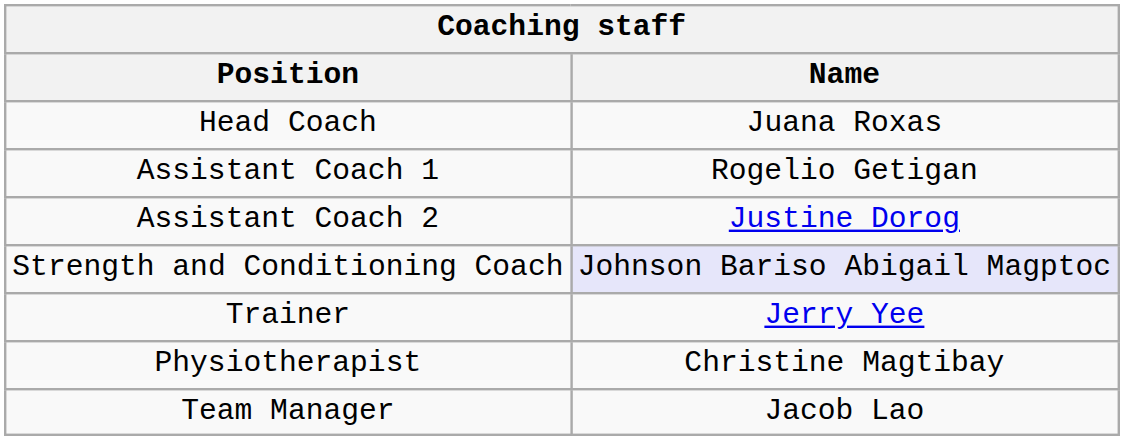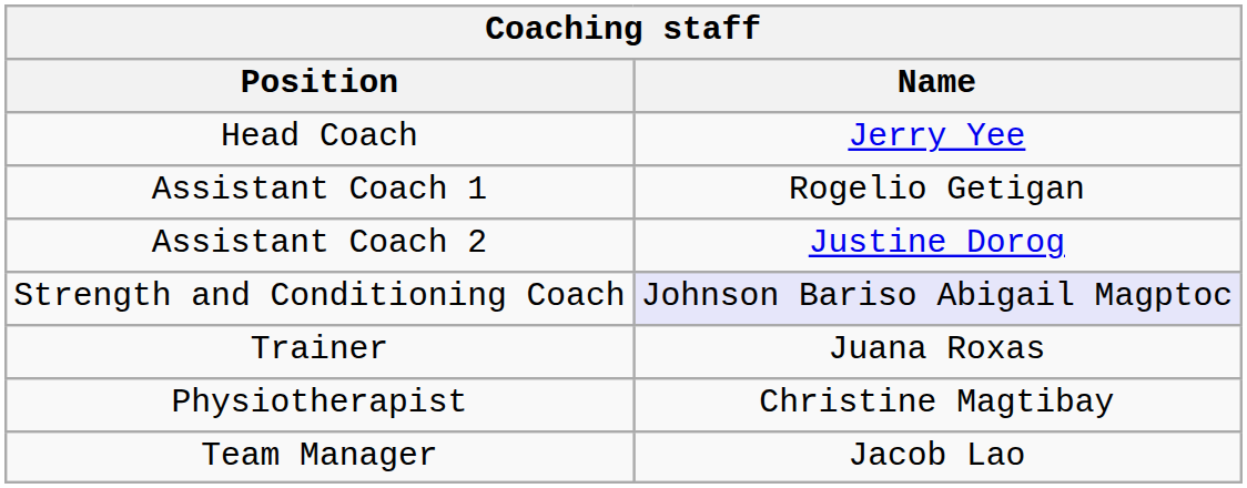 <table class="wikitable" style="font-size:95%; text-align:center;">
 <tr>
 <th colspan="2">Coaching staff</th>
 </tr>
 <tr>
 <th>Position</th>
 <th>Name</th>
 </tr>
 <tr>
 <td>Head Coach</td>
-<td> Juana Roxas</td>
+<td> <a href='#'>Jerry Yee</a></td>
 </tr>
 <tr>
 <td>Assistant Coach 1</td>
 <td> Rogelio Getigan</td>
 </tr>
 <tr>
 <td>Assistant Coach 2</td>
 <td> <a href='#'>Justine Dorog</a></td>
 </tr>
 <tr>
 <td>Strength and Conditioning Coach</td>
 <td style="background: lavender;"> Johnson Bariso Abigail Magptoc</td>
 </tr>
 <tr>
 <td>Trainer</td>
-<td> <a href='#'>Jerry Yee</a></td>
+<td> Juana Roxas</td>
 </tr>
 <tr>
 <td>Physiotherapist</td>
 <td> Christine Magtibay</td>
 </tr>
 <tr>
 <td>Team Manager</td>
 <td> Jacob Lao</td>
 </tr>
 </table>
